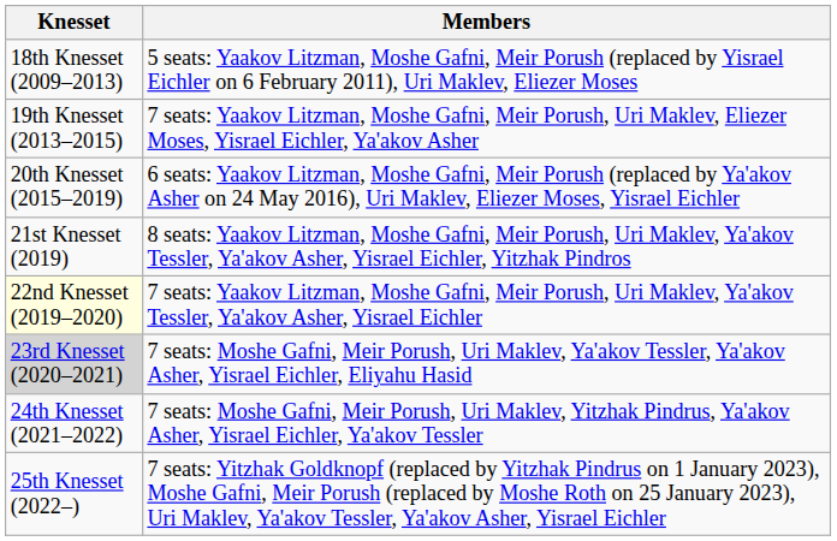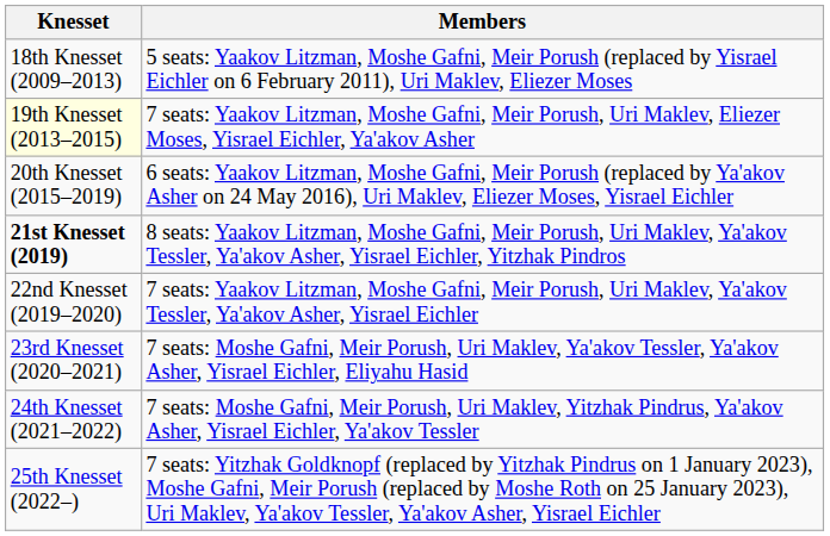 <table class=wikitable>
 <tr>
 <th>Knesset</th>
 <th>Members</th>
 </tr>
 <tr>
 <td>18th Knesset (2009–2013)</td>
 <td>5 seats: <a href='#'>Yaakov Litzman</a>, <a href='#'>Moshe Gafni</a>, <a href='#'>Meir Porush</a> (replaced by <a href='#'>Yisrael Eichler</a> on 6 February 2011), <a href='#'>Uri Maklev</a>, <a href='#'>Eliezer Moses</a></td>
 </tr>
 <tr>
-<td>19th Knesset (2013–2015)</td>
+<td style="background: lightyellow;">19th Knesset (2013–2015)</td>
 <td>7 seats: <a href='#'>Yaakov Litzman</a>, <a href='#'>Moshe Gafni</a>, <a href='#'>Meir Porush</a>, <a href='#'>Uri Maklev</a>, <a href='#'>Eliezer Moses</a>, <a href='#'>Yisrael Eichler</a>, <a href='#'>Ya'akov Asher</a></td>
 </tr>
 <tr>
 <td>20th Knesset (2015–2019)</td>
 <td>6 seats: <a href='#'>Yaakov Litzman</a>, <a href='#'>Moshe Gafni</a>, <a href='#'>Meir Porush</a> (replaced by <a href='#'>Ya'akov Asher</a> on 24 May 2016), <a href='#'>Uri Maklev</a>, <a href='#'>Eliezer Moses</a>, <a href='#'>Yisrael Eichler</a></td>
 </tr>
 <tr>
-<td>21st Knesset (2019)</td>
+<td><strong>21st Knesset (2019)</strong></td>
 <td>8 seats: <a href='#'>Yaakov Litzman</a>, <a href='#'>Moshe Gafni</a>, <a href='#'>Meir Porush</a>, <a href='#'>Uri Maklev</a>, <a href='#'>Ya'akov Tessler</a>, <a href='#'>Ya'akov Asher</a>, <a href='#'>Yisrael Eichler</a>, <a href='#'>Yitzhak Pindros</a></td>
 </tr>
 <tr>
-<td style="background: lightyellow;">22nd Knesset (2019–2020)</td>
+<td>22nd Knesset (2019–2020)</td>
 <td>7 seats: <a href='#'>Yaakov Litzman</a>, <a href='#'>Moshe Gafni</a>, <a href='#'>Meir Porush</a>, <a href='#'>Uri Maklev</a>, <a href='#'>Ya'akov Tessler</a>, <a href='#'>Ya'akov Asher</a>, <a href='#'>Yisrael Eichler</a></td>
 </tr>
 <tr>
-<td style="background: lightgrey;"><a href='#'>23rd Knesset</a> (2020–2021)</td>
+<td><a href='#'>23rd Knesset</a> (2020–2021)</td>
 <td>7 seats: <a href='#'>Moshe Gafni</a>, <a href='#'>Meir Porush</a>, <a href='#'>Uri Maklev</a>, <a href='#'>Ya'akov Tessler</a>, <a href='#'>Ya'akov Asher</a>, <a href='#'>Yisrael Eichler</a>, <a href='#'>Eliyahu Hasid</a></td>
 </tr>
 <tr>
 <td><a href='#'>24th Knesset</a> (2021–2022)</td>
 <td>7 seats: <a href='#'>Moshe Gafni</a>, <a href='#'>Meir Porush</a>, <a href='#'>Uri Maklev</a>, <a href='#'>Yitzhak Pindrus</a>, <a href='#'>Ya'akov Asher</a>, <a href='#'>Yisrael Eichler</a>, <a href='#'>Ya'akov Tessler</a></td>
 </tr>
 <tr>
 <td><a href='#'>25th Knesset</a> (2022–)</td>
 <td>7 seats: <a href='#'>Yitzhak Goldknopf</a>  (replaced by <a href='#'>Yitzhak Pindrus</a> on 1 January 2023), <a href='#'>Moshe Gafni</a>, <a href='#'>Meir Porush</a> (replaced by <a href='#'>Moshe Roth</a> on 25 January 2023), <a href='#'>Uri Maklev</a>, <a href='#'>Ya'akov Tessler</a>, <a href='#'>Ya'akov Asher</a>, <a href='#'>Yisrael Eichler</a></td>
 </tr>
 </table>
